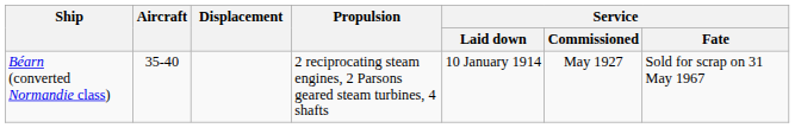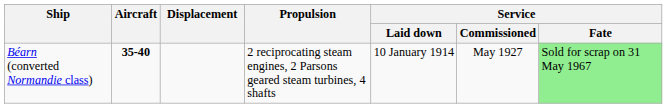 <table class="wikitable" style="width:98%;">
 <tr valign="top"|- valign="top">
 <th style="width:17%; text-align:center;" rowspan="2">Ship</th>
 <th style="width:5%; text-align:center;" rowspan="2">Aircraft</th>
 <th style="width:13%; text-align:center;" rowspan="2">Displacement</th>
 <th style="width:20%; text-align:center;" rowspan="2">Propulsion</th>
 <th style="width:40%; text-align:center;" colspan="3">Service</th>
 </tr>
 <tr valign="top">
 <th style="width:10%; text-align:center;">Laid down</th>
 <th style="width:10%; text-align:center;">Commissioned</th>
 <th style="width:20%; text-align:center;">Fate</th>
 </tr>
 <tr valign="top">
 <td align= left><em><a href='#'>Béarn</a></em><br>(converted <a href='#'><em>Normandie</em> class</a>)</td>
-<td style="text-align:center;">35-40</td>
+<td style="text-align:center;"><strong>35-40</strong></td>
 <td style="text-align:center;"></td>
 <td align= left>2 reciprocating steam engines, 2 Parsons geared steam turbines, 4 shafts</td>
 <td style="text-align:center;">10 January 1914</td>
 <td style="text-align:center;">May 1927</td>
-<td align= left>Sold for scrap on 31 May 1967</td>
+<td align= left style="background: lightgreen;">Sold for scrap on 31 May 1967</td>
 </tr>
 </table>
